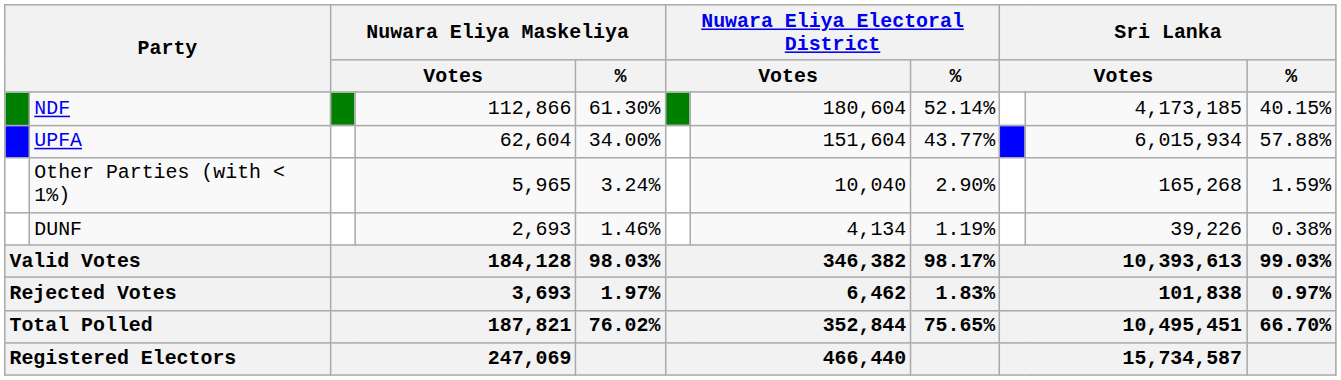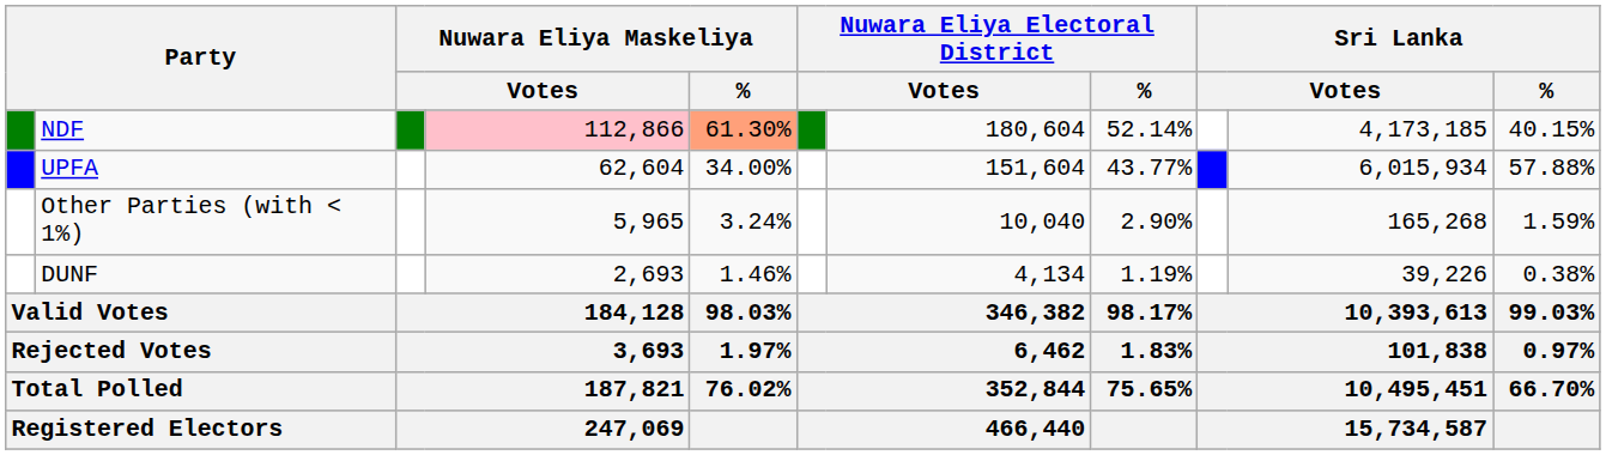 <table class="wikitable">
 <tr>
 <th colspan="2" width="144px"rowspan="2">Party</th>
 <th colspan="3" width="216px">Nuwara Eliya Maskeliya</th>
 <th colspan="3" width="216px"><a href='#'>Nuwara Eliya Electoral District</a></th>
 <th colspan="3" width="216px">Sri Lanka</th>
 </tr>
 <tr>
 <th colspan="2" width="144px">Votes</th>
 <th>%</th>
 <th colspan="2" width="144px">Votes</th>
 <th>%</th>
 <th colspan="2" width="144px">Votes</th>
 <th>%</th>
 </tr>
 <tr>
 <td style="background-color:green;" width="10px"></td>
 <td style="text-align:left;"><a href='#'>NDF</a></td>
 <td style="background-color:green;" width="10px"></td>
-<td style="text-align:right;">112,866</td>
-<td style="text-align:right;">61.30%</td>
+<td style="background: pink; text-align:right;">112,866</td>
+<td style="background: lightsalmon; text-align:right;">61.30%</td>
 <td style="background-color:green;" width="10px"></td>
 <td style="text-align:right;">180,604</td>
 <td style="text-align:right;">52.14%</td>
 <td style="background-color:white;" width="10px"></td>
 <td style="text-align:right;">4,173,185</td>
 <td style="text-align:right;">40.15%</td>
 </tr>
 <tr>
 <td style="background-color:blue;" width="10px"></td>
 <td style="text-align:left;"><a href='#'>UPFA</a></td>
 <td style="background-color:white;" width="10px"></td>
 <td style="text-align:right;">62,604</td>
 <td style="text-align:right;">34.00%</td>
 <td style="background-color:white;" width="10px"></td>
 <td style="text-align:right;">151,604</td>
 <td style="text-align:right;">43.77%</td>
 <td style="background-color:blue;" width="10px"></td>
 <td style="text-align:right;">6,015,934</td>
 <td style="text-align:right;">57.88%</td>
 </tr>
 <tr>
 <td style="background-color:white;" width="10px"></td>
 <td style="text-align:left;">Other Parties (with < 1%)</td>
 <td style="background-color:white;" width="10px"></td>
 <td style="text-align:right;">5,965</td>
 <td style="text-align:right;">3.24%</td>
 <td style="background-color:white;" width="10px"></td>
 <td style="text-align:right;">10,040</td>
 <td style="text-align:right;">2.90%</td>
 <td style="background-color:white;" width="10px"></td>
 <td style="text-align:right;">165,268</td>
 <td style="text-align:right;">1.59%</td>
 </tr>
 <tr>
 <td style="background-color:white;" width="10px"></td>
 <td style="text-align:left;">DUNF</td>
 <td style="background-color:white;" width="10px"></td>
 <td style="text-align:right;">2,693</td>
 <td style="text-align:right;">1.46%</td>
 <td style="background-color:white;" width="10px"></td>
 <td style="text-align:right;">4,134</td>
 <td style="text-align:right;">1.19%</td>
 <td style="background-color:white;" width="10px"></td>
 <td style="text-align:right;">39,226</td>
 <td style="text-align:right;">0.38%</td>
 </tr>
 <tr>
 <th colspan="2" width="144px"style="text-align:left;">Valid Votes</th>
 <th style="text-align:right;"colspan="2" width="144px">184,128</th>
 <th style="text-align:right;">98.03%</th>
 <th style="text-align:right;"colspan="2" width="144px">346,382</th>
 <th style="text-align:right;">98.17%</th>
 <th style="text-align:right;"colspan="2" width="144px">10,393,613</th>
 <th style="text-align:right;">99.03%</th>
 </tr>
 <tr>
 <th colspan="2" width="144px"style="text-align:left;">Rejected Votes</th>
 <th style="text-align:right;"colspan="2" width="144px">3,693</th>
 <th style="text-align:right;">1.97%</th>
 <th style="text-align:right;"colspan="2" width="144px">6,462</th>
 <th style="text-align:right;">1.83%</th>
 <th style="text-align:right;"colspan="2" width="144px">101,838</th>
 <th style="text-align:right;">0.97%</th>
 </tr>
 <tr>
 <th colspan="2" width="144px"style="text-align:left;">Total Polled</th>
 <th style="text-align:right;"colspan="2" width="144px">187,821</th>
 <th style="text-align:right;">76.02%</th>
 <th style="text-align:right;"colspan="2" width="144px">352,844</th>
 <th style="text-align:right;">75.65%</th>
 <th style="text-align:right;"colspan="2" width="144px">10,495,451</th>
 <th style="text-align:right;">66.70%</th>
 </tr>
 <tr>
 <th colspan="2" width="144px"style="text-align:left;">Registered Electors</th>
 <th style="text-align:right;"colspan="2" width="144px">247,069</th>
 <th></th>
 <th style="text-align:right;"colspan="2" width="144px">466,440</th>
 <th></th>
 <th style="text-align:right;"colspan="2" width="144px">15,734,587</th>
 <th></th>
 </tr>
 </table>
